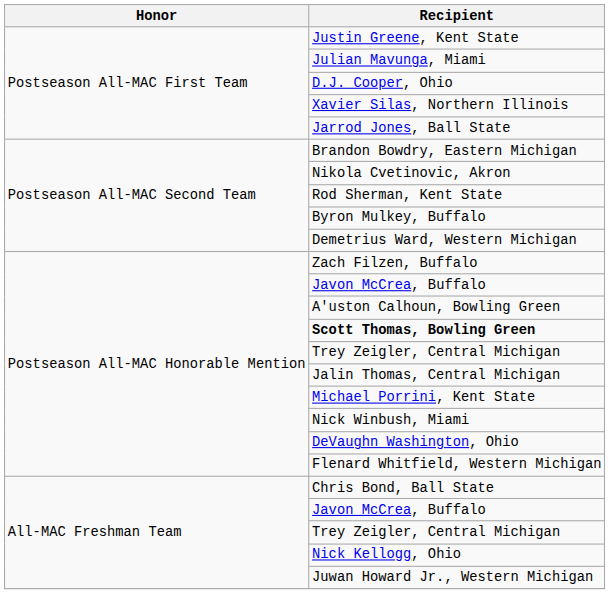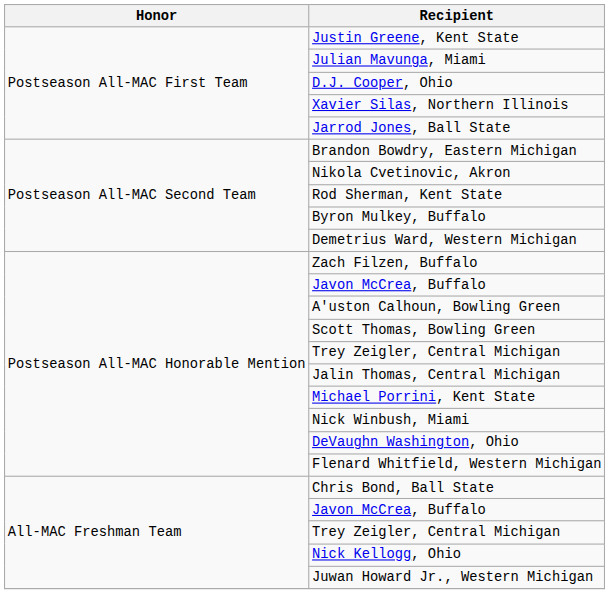 <table class="wikitable" border="1">
 <tr>
 <th>Honor</th>
 <th>Recipient</th>
 </tr>
 <tr>
 <td rowspan=5 valign=middle>Postseason All-MAC First Team</td>
 <td><a href='#'>Justin Greene</a>, Kent State</td>
 </tr>
 <tr>
 <td><a href='#'>Julian Mavunga</a>, Miami</td>
 </tr>
 <tr>
 <td><a href='#'>D.J. Cooper</a>, Ohio</td>
 </tr>
 <tr>
 <td><a href='#'>Xavier Silas</a>, Northern Illinois</td>
 </tr>
 <tr>
 <td><a href='#'>Jarrod Jones</a>, Ball State</td>
 </tr>
 <tr>
 <td rowspan=5 valign=middle>Postseason All-MAC Second Team</td>
 <td>Brandon Bowdry, Eastern Michigan</td>
 </tr>
 <tr>
 <td>Nikola Cvetinovic, Akron</td>
 </tr>
 <tr>
 <td>Rod Sherman, Kent State</td>
 </tr>
 <tr>
 <td>Byron Mulkey, Buffalo</td>
 </tr>
 <tr>
 <td>Demetrius Ward, Western Michigan</td>
 </tr>
 <tr>
 <td rowspan=10 valign=middle>Postseason All-MAC Honorable Mention</td>
 <td>Zach Filzen, Buffalo</td>
 </tr>
 <tr>
 <td><a href='#'>Javon McCrea</a>, Buffalo</td>
 </tr>
 <tr>
 <td>A'uston Calhoun, Bowling Green</td>
 </tr>
 <tr>
-<td><strong>Scott Thomas, Bowling Green</strong></td>
+<td>Scott Thomas, Bowling Green</td>
 </tr>
 <tr>
 <td>Trey Zeigler, Central Michigan</td>
 </tr>
 <tr>
 <td>Jalin Thomas, Central Michigan</td>
 </tr>
 <tr>
 <td><a href='#'>Michael Porrini</a>, Kent State</td>
 </tr>
 <tr>
 <td>Nick Winbush, Miami</td>
 </tr>
 <tr>
 <td><a href='#'>DeVaughn Washington</a>, Ohio</td>
 </tr>
 <tr>
 <td>Flenard Whitfield, Western Michigan</td>
 </tr>
 <tr>
 <td rowspan=5 valign=middle>All-MAC Freshman Team</td>
 <td>Chris Bond, Ball State</td>
 </tr>
 <tr>
 <td><a href='#'>Javon McCrea</a>, Buffalo</td>
 </tr>
 <tr>
 <td>Trey Zeigler, Central Michigan</td>
 </tr>
 <tr>
 <td><a href='#'>Nick Kellogg</a>, Ohio</td>
 </tr>
 <tr>
 <td>Juwan Howard Jr., Western Michigan</td>
 </tr>
 <tr>
 </tr>
 </table>
